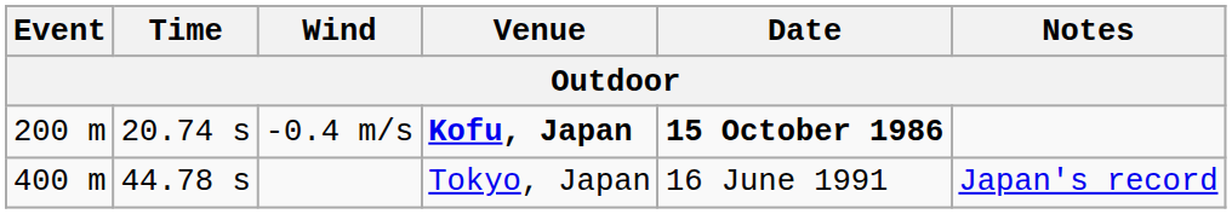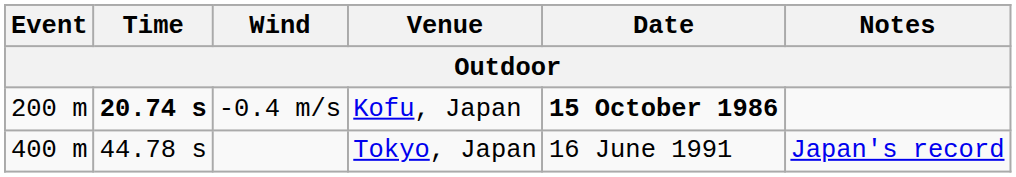 <table class="wikitable">
 <tr>
 <th>Event</th>
 <th>Time</th>
 <th>Wind</th>
 <th>Venue</th>
 <th>Date</th>
 <th>Notes</th>
 </tr>
 <tr>
 <th colspan="6">Outdoor</th>
 </tr>
 <tr>
 <td>200 m</td>
-<td>20.74 s</td>
+<td><strong>20.74 s</strong></td>
 <td>-0.4 m/s</td>
-<td><strong><a href='#'>Kofu</a>, Japan</strong></td>
+<td><a href='#'>Kofu</a>, Japan</td>
 <td><strong>15 October 1986</strong></td>
 <td></td>
 </tr>
 <tr>
 <td>400 m</td>
 <td>44.78 s</td>
 <td></td>
 <td><a href='#'>Tokyo</a>, Japan</td>
 <td>16 June 1991</td>
 <td><a href='#'>Japan's record</a></td>
 </tr>
 </table>
